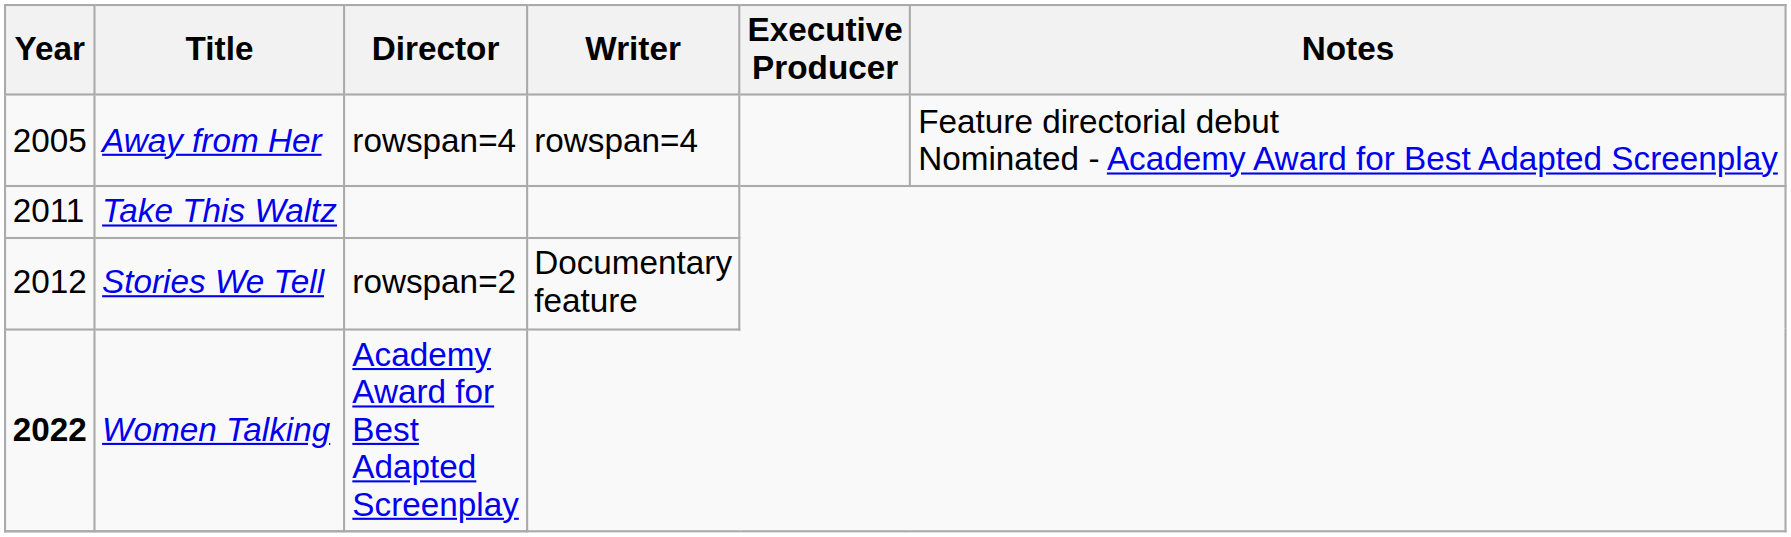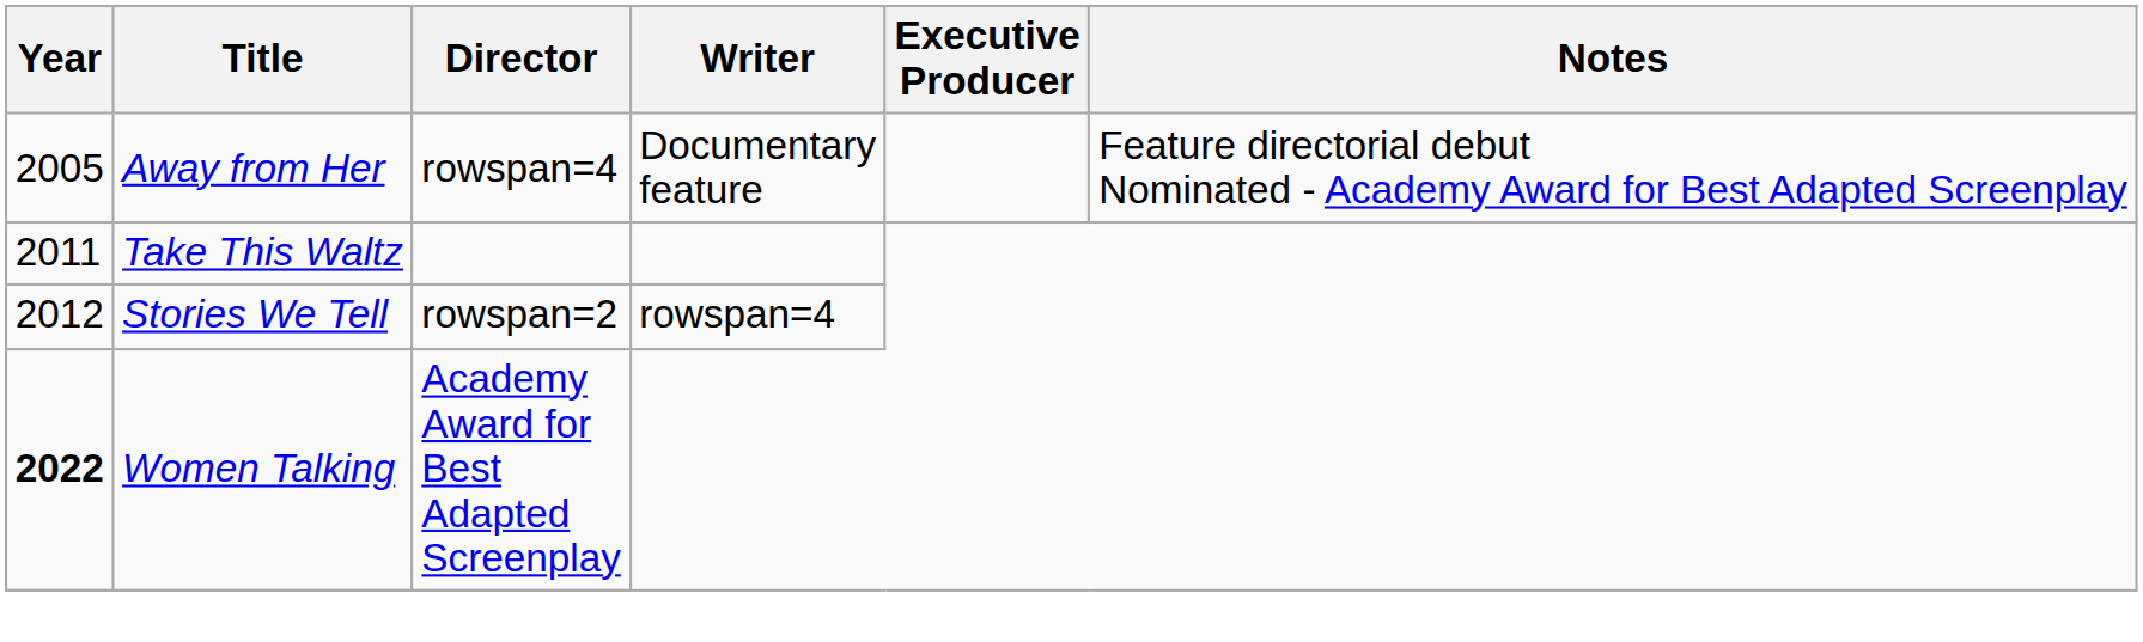 <table class="wikitable">
 <tr>
 <th>Year</th>
 <th>Title</th>
 <th width=65>Director</th>
 <th width=65>Writer</th>
 <th width=65>Executive<br>Producer</th>
 <th>Notes</th>
 </tr>
 <tr>
 <td>2005</td>
 <td><em><a href='#'>Away from Her</a></em></td>
 <td>rowspan=4 </td>
-<td>rowspan=4 </td>
+<td>Documentary feature</td>
 <td></td>
 <td>Feature directorial debut <br> Nominated - <a href='#'>Academy Award for Best Adapted Screenplay</a></td>
 </tr>
 <tr>
 <td>2011</td>
 <td><em><a href='#'>Take This Waltz</a></em></td>
 <td></td>
 <td></td>
 </tr>
 <tr>
 <td>2012</td>
 <td><em><a href='#'>Stories We Tell</a></em></td>
 <td>rowspan=2 </td>
-<td>Documentary feature</td>
+<td>rowspan=4 </td>
 </tr>
 <tr>
 <td><strong>2022</strong></td>
 <td><em><a href='#'>Women Talking</a></em></td>
 <td><a href='#'>Academy Award for Best Adapted Screenplay</a></td>
 </tr>
 <tr>
 </tr>
 </table>
